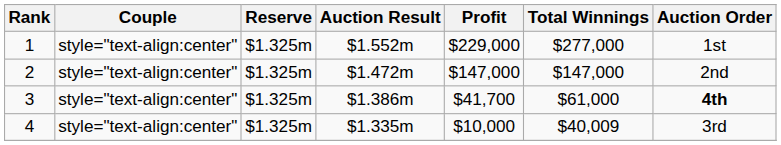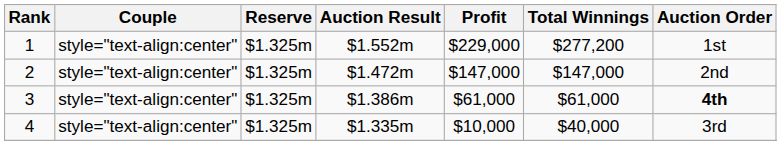 <table class="wikitable sortable" |>
 <tr>
 <th>Rank</th>
 <th>Couple</th>
 <th>Reserve</th>
 <th>Auction Result</th>
 <th>Profit</th>
 <th>Total Winnings</th>
 <th>Auction Order</th>
 </tr>
 <tr>
 <td style="text-align:center">1</td>
 <td>style="text-align:center" </td>
 <td style="text-align:center">$1.325m</td>
 <td style="text-align:center">$1.552m</td>
 <td style="text-align:center">$229,000</td>
-<td style="text-align:center">$277,000</td>
+<td style="text-align:center">$277,200</td>
 <td style="text-align:center">1st</td>
 </tr>
 <tr>
 <td style="text-align:center">2</td>
 <td>style="text-align:center" </td>
 <td style="text-align:center">$1.325m</td>
 <td style="text-align:center">$1.472m</td>
 <td style="text-align:center">$147,000</td>
 <td style="text-align:center">$147,000</td>
 <td style="text-align:center">2nd</td>
 </tr>
 <tr>
 <td style="text-align:center">3</td>
 <td>style="text-align:center" </td>
 <td style="text-align:center">$1.325m</td>
 <td style="text-align:center">$1.386m</td>
-<td style="text-align:center">$41,700</td>
+<td style="text-align:center">$61,000</td>
 <td style="text-align:center">$61,000</td>
 <td style="text-align:center"><strong>4th</strong></td>
 </tr>
 <tr>
 <td style="text-align:center">4</td>
 <td>style="text-align:center" </td>
 <td style="text-align:center">$1.325m</td>
 <td style="text-align:center">$1.335m</td>
 <td style="text-align:center">$10,000</td>
-<td style="text-align:center">$40,009</td>
+<td style="text-align:center">$40,000</td>
 <td style="text-align:center">3rd</td>
 </tr>
 <tr>
 </tr>
 </table>
